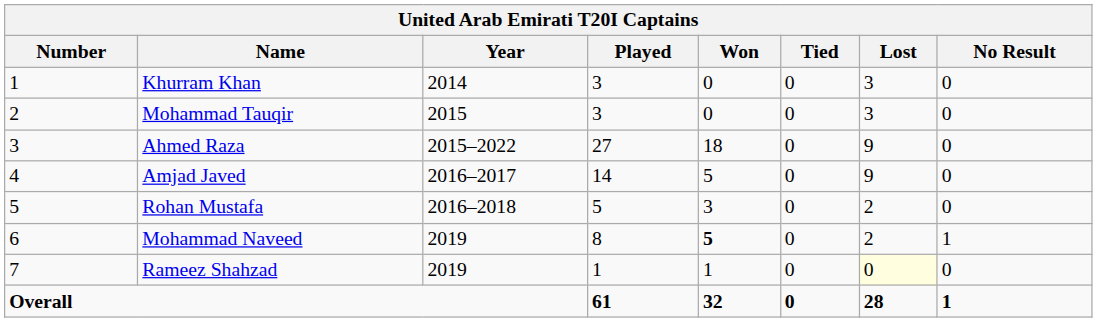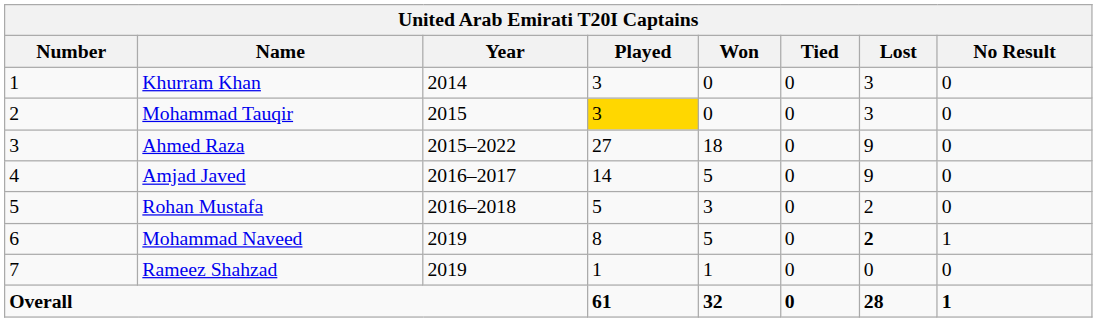 <table class="wikitable" width="70%">
 <tr>
 <th bgcolor="#efefef" colspan=9>United Arab Emirati T20I Captains</th>
 </tr>
 <tr bgcolor="#efefef">
 <th>Number</th>
 <th>Name</th>
 <th>Year</th>
 <th>Played</th>
 <th>Won</th>
 <th>Tied</th>
 <th>Lost</th>
 <th>No Result</th>
 </tr>
 <tr>
 <td>1</td>
 <td><a href='#'>Khurram Khan</a></td>
 <td>2014</td>
 <td>3</td>
 <td>0</td>
 <td>0</td>
 <td>3</td>
 <td>0</td>
 </tr>
 <tr>
 <td>2</td>
 <td><a href='#'>Mohammad Tauqir</a></td>
 <td>2015</td>
-<td>3</td>
+<td style="background: gold;">3</td>
 <td>0</td>
 <td>0</td>
 <td>3</td>
 <td>0</td>
 </tr>
 <tr>
 <td>3</td>
 <td><a href='#'>Ahmed Raza</a></td>
 <td>2015–2022</td>
 <td>27</td>
 <td>18</td>
 <td>0</td>
 <td>9</td>
 <td>0</td>
 </tr>
 <tr>
 <td>4</td>
 <td><a href='#'>Amjad Javed</a></td>
 <td>2016–2017</td>
 <td>14</td>
 <td>5</td>
 <td>0</td>
 <td>9</td>
 <td>0</td>
 </tr>
 <tr>
 <td>5</td>
 <td><a href='#'>Rohan Mustafa</a></td>
 <td>2016–2018</td>
 <td>5</td>
 <td>3</td>
 <td>0</td>
 <td>2</td>
 <td>0</td>
 </tr>
 <tr>
 <td>6</td>
 <td><a href='#'>Mohammad Naveed</a></td>
 <td>2019</td>
 <td>8</td>
-<td><strong>5</strong></td>
+<td>5</td>
 <td>0</td>
-<td>2</td>
+<td><strong>2</strong></td>
 <td>1</td>
 </tr>
 <tr>
 <td>7</td>
 <td><a href='#'>Rameez Shahzad</a></td>
 <td>2019</td>
 <td>1</td>
 <td>1</td>
 <td>0</td>
-<td style="background: lightyellow;">0</td>
+<td>0</td>
 <td>0</td>
 </tr>
 <tr>
 <td colspan=3><strong>Overall</strong></td>
 <td><strong>61</strong></td>
 <td><strong>32</strong></td>
 <td><strong>0</strong></td>
 <td><strong>28</strong></td>
 <td><strong>1</strong></td>
 </tr>
 </table>
